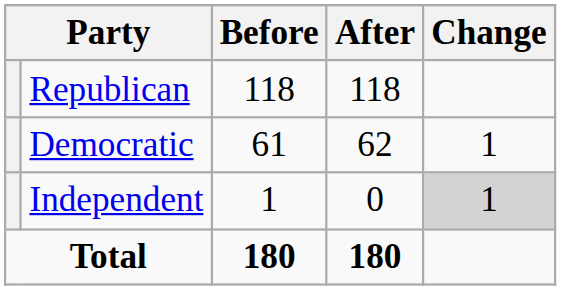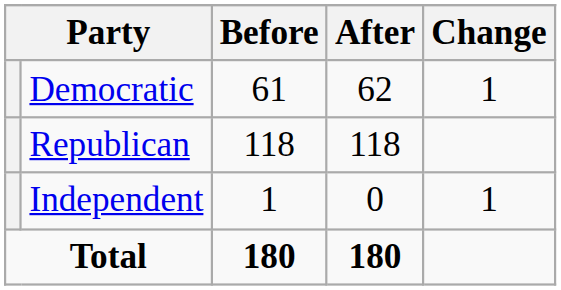 <table class="wikitable" style="text-align:center;">
 <tr>
 </tr>
 <tr>
 <th colspan=2>Party</th>
 <th>Before</th>
 <th>After</th>
 <th>Change</th>
 </tr>
 <tr>
 <th style="background-color:"></th>
+<td style="text-align:left;"><a href='#'>Democratic</a></td>
+<td>61</td>
+<td>62</td>
+<td> 1</td>
+</tr>
+<tr>
+<th style="background-color:"></th>
 <td style="text-align:left;"><a href='#'>Republican</a></td>
 <td>118</td>
 <td>118</td>
 <td></td>
 </tr>
 <tr>
 <th style="background-color:"></th>
-<td style="text-align:left;"><a href='#'>Democratic</a></td>
-<td>61</td>
-<td>62</td>
-<td> 1</td>
-</tr>
-<tr>
-<th style="background-color:"></th>
 <td style="text-align:left;"><a href='#'>Independent</a></td>
 <td>1</td>
 <td>0</td>
-<td style="background: lightgrey;"> 1</td>
+<td> 1</td>
 </tr>
 <tr>
 <td colspan=2><strong>Total</strong></td>
 <td><strong>180</strong></td>
 <td><strong>180</strong></td>
 <td></td>
 </tr>
 </table>
